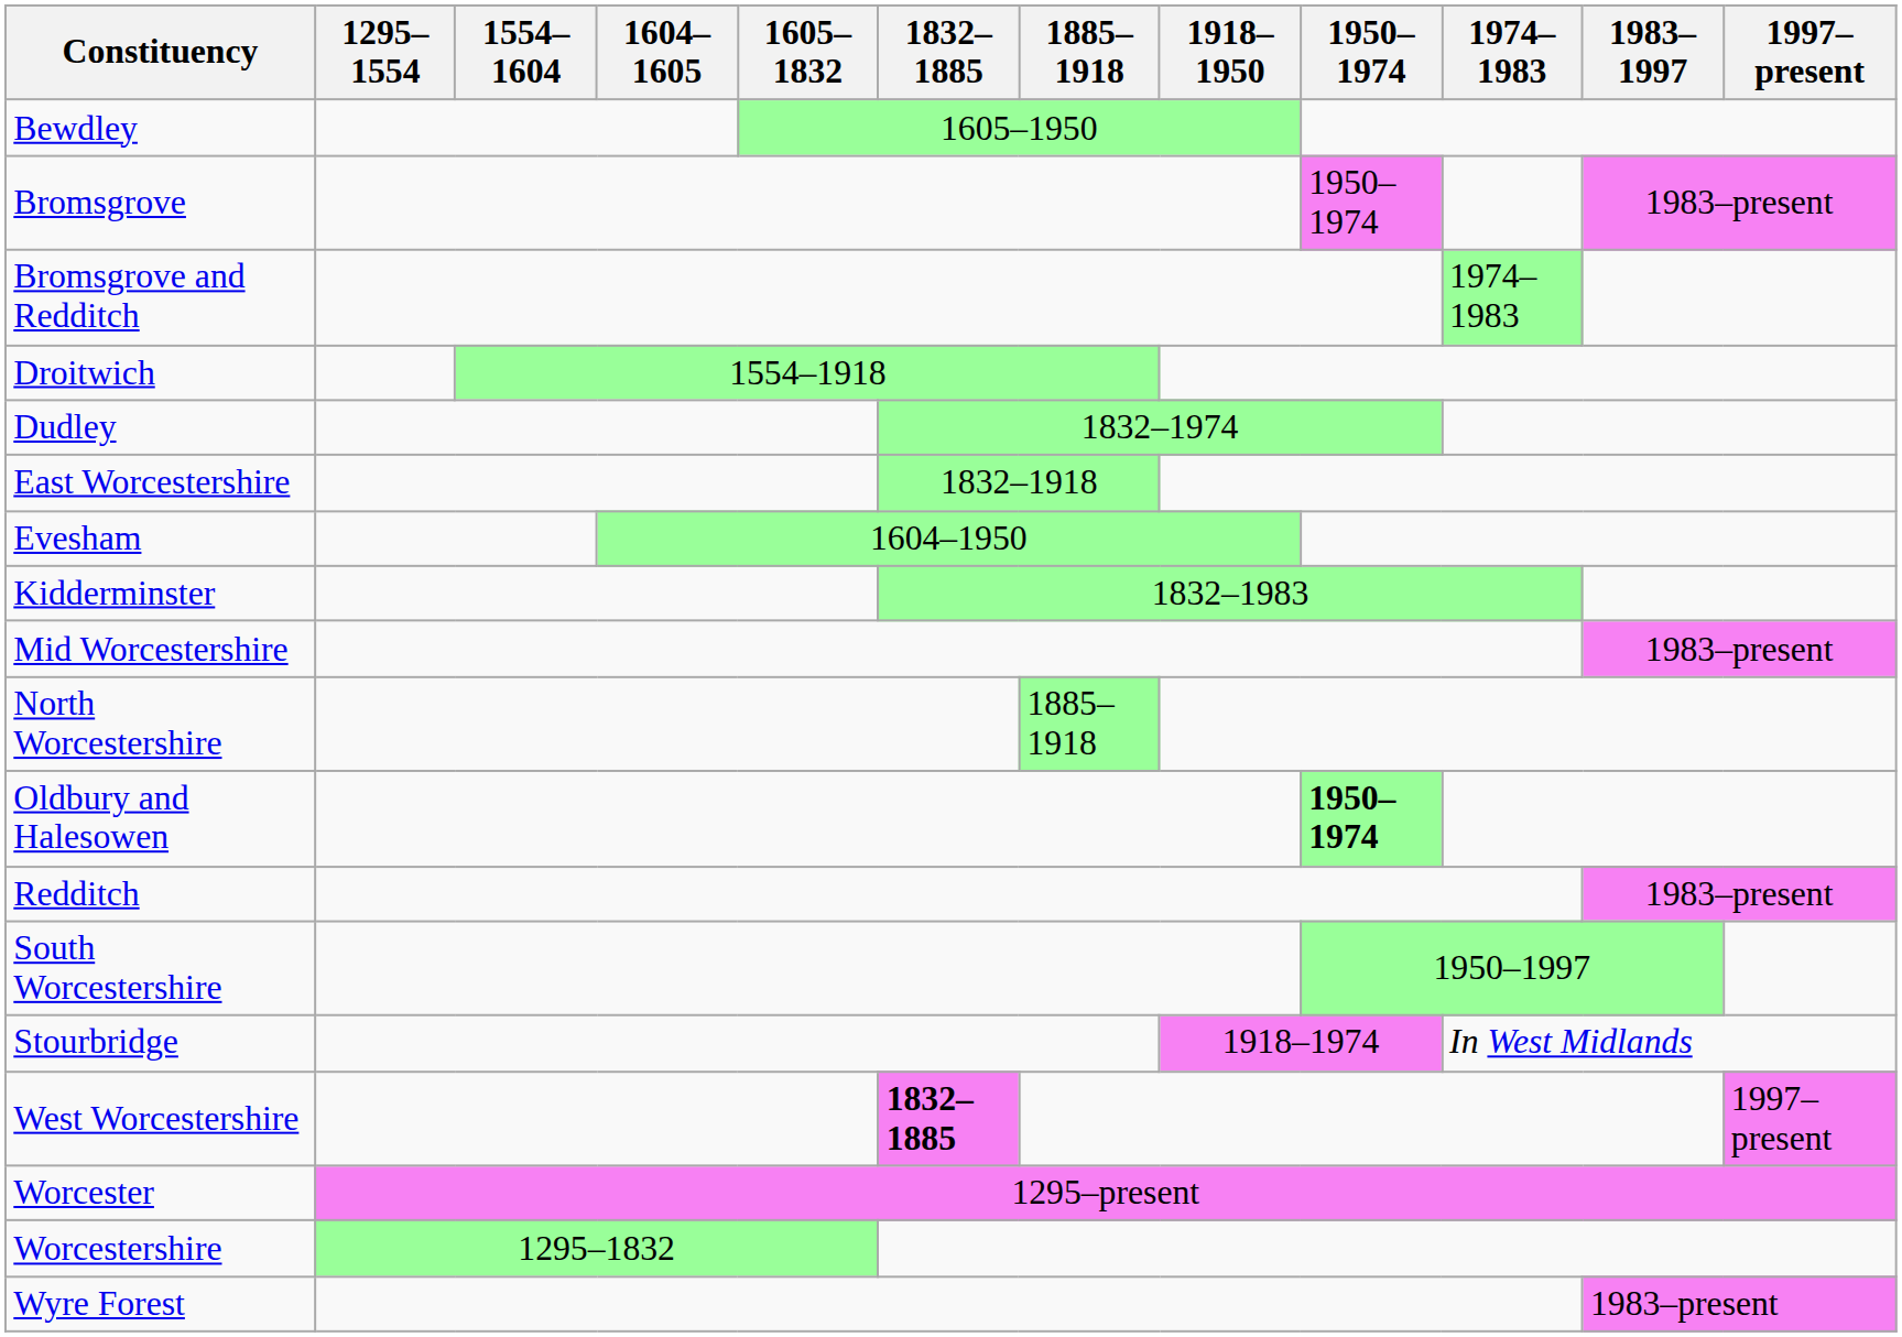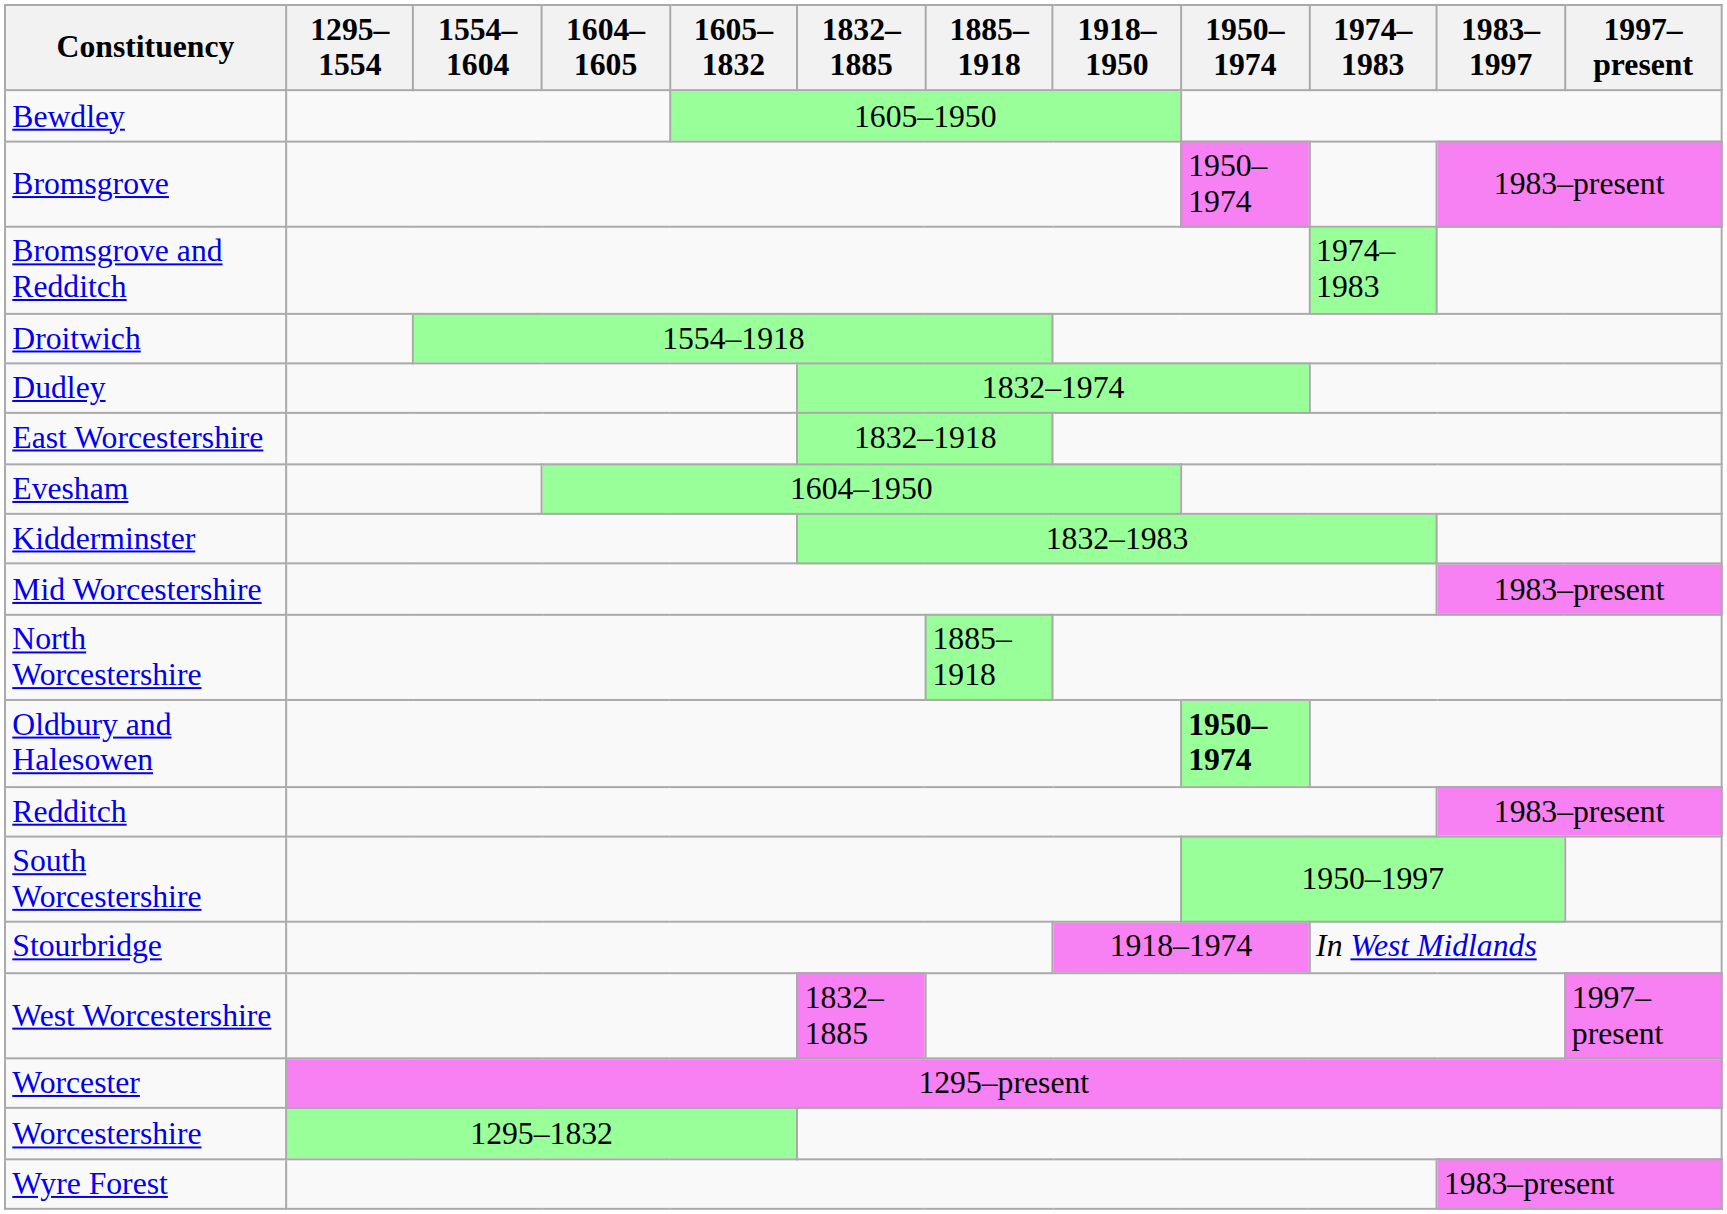 <table class="wikitable">
 <tr>
 <th>Constituency</th>
 <th>1295–1554</th>
 <th>1554–1604</th>
 <th>1604–1605</th>
 <th>1605–1832</th>
 <th>1832–1885</th>
 <th>1885–1918</th>
 <th>1918–1950</th>
 <th>1950–1974</th>
 <th>1974–1983</th>
 <th>1983–1997</th>
 <th>1997–present</th>
 </tr>
 <tr>
 <td><a href='#'>Bewdley</a></td>
 <td colspan=3></td>
 <td align="center" bgcolor="#99ff99" colspan=4>1605–1950</td>
 <td colspan=4></td>
 </tr>
 <tr>
 <td><a href='#'>Bromsgrove</a></td>
 <td colspan=7></td>
 <td bgcolor="#f781f3">1950–1974</td>
 <td></td>
 <td align="center" bgcolor="#f781f3" colspan=2>1983–present</td>
 </tr>
 <tr>
 <td><a href='#'>Bromsgrove and Redditch</a></td>
 <td colspan=8></td>
 <td bgcolor="#99ff99">1974–1983</td>
 <td colspan=2></td>
 </tr>
 <tr>
 <td><a href='#'>Droitwich</a></td>
 <td></td>
 <td align="center" bgcolor="#99ff99" colspan=5>1554–1918</td>
 <td colspan=5></td>
 </tr>
 <tr>
 <td><a href='#'>Dudley</a></td>
 <td colspan=4></td>
 <td align="center" bgcolor="#99ff99" colspan=4>1832–1974</td>
 <td colspan=3></td>
 </tr>
 <tr>
 <td><a href='#'>East Worcestershire</a></td>
 <td colspan=4></td>
 <td align="center" bgcolor="#99ff99" colspan=2>1832–1918</td>
 <td colspan=5></td>
 </tr>
 <tr>
 <td><a href='#'>Evesham</a></td>
 <td colspan=2></td>
 <td align="center" bgcolor="#99ff99" colspan=5>1604–1950</td>
 <td colspan=4></td>
 </tr>
 <tr>
 <td><a href='#'>Kidderminster</a></td>
 <td colspan=4></td>
 <td align="center" bgcolor="#99ff99" colspan=5>1832–1983</td>
 <td colspan=2></td>
 </tr>
 <tr>
 <td><a href='#'>Mid Worcestershire</a></td>
 <td colspan=9></td>
 <td align="center" bgcolor="#f781f3" colspan=2>1983–present</td>
 </tr>
 <tr>
 <td><a href='#'>North Worcestershire</a></td>
 <td colspan=5></td>
 <td bgcolor="#99ff99">1885–1918</td>
 <td colspan=5></td>
 </tr>
 <tr>
 <td><a href='#'>Oldbury and Halesowen</a></td>
 <td colspan=7></td>
 <td bgcolor="#99ff99"><strong>1950–1974</strong></td>
 <td colspan=3></td>
 </tr>
 <tr>
 <td><a href='#'>Redditch</a></td>
 <td colspan=9></td>
 <td align="center" bgcolor="#f781f3" colspan=2>1983–present</td>
 </tr>
 <tr>
 <td><a href='#'>South Worcestershire</a></td>
 <td colspan=7></td>
 <td align="center" bgcolor="#99ff99" colspan=3>1950–1997</td>
 <td></td>
 </tr>
 <tr>
 <td><a href='#'>Stourbridge</a></td>
 <td colspan=6></td>
 <td align="center" bgcolor="#f781f3" colspan=2>1918–1974</td>
 <td colspan=3><em>In <a href='#'>West Midlands</a></em></td>
 </tr>
 <tr>
 <td><a href='#'>West Worcestershire</a></td>
 <td colspan=4></td>
-<td bgcolor="#f781f3"><strong>1832–1885</strong></td>
+<td bgcolor="#f781f3">1832–1885</td>
 <td colspan=5></td>
 <td bgcolor="#f781f3">1997–present</td>
 </tr>
 <tr>
 <td><a href='#'>Worcester</a></td>
 <td align="center" bgcolor="#f781f3" colspan=11>1295–present</td>
 </tr>
 <tr>
 <td><a href='#'>Worcestershire</a></td>
 <td align="center" bgcolor="#99ff99" colspan=4>1295–1832</td>
 <td colspan=7></td>
 </tr>
 <tr>
 <td><a href='#'>Wyre Forest</a></td>
 <td colspan=9></td>
 <td bgcolor="#f781f3" colspan=2>1983–present</td>
 </tr>
 </table>
